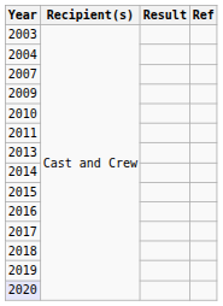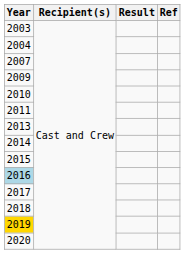 <table class="wikitable">
 <tr>
 <th scope="col">Year</th>
 <th scope="col">Recipient(s)</th>
 <th scope="col">Result</th>
 <th scope="col">Ref</th>
 </tr>
 <tr>
 <td>2003</td>
 <td rowspan=19>Cast and Crew</td>
 <td></td>
 <td style="text-align:center;"></td>
 </tr>
 <tr>
 <td>2004</td>
 <td></td>
 <td style="text-align:center;"></td>
 </tr>
 <tr>
 <td>2007</td>
 <td></td>
 <td style="text-align:center;"></td>
 </tr>
 <tr>
 <td>2009</td>
 <td></td>
 <td style="text-align:center;"></td>
 </tr>
 <tr>
 <td>2010</td>
 <td></td>
 <td style="text-align:center;"></td>
 </tr>
 <tr>
 <td>2011</td>
 <td></td>
 <td style="text-align:center;"></td>
 </tr>
 <tr>
 <td>2013</td>
 <td></td>
 <td style="text-align:center;"></td>
 </tr>
 <tr>
 <td>2014</td>
 <td></td>
 <td style="text-align:center;"></td>
 </tr>
 <tr>
 <td>2015</td>
 <td></td>
 <td style="text-align:center;"></td>
 </tr>
 <tr>
-<td>2016</td>
+<td style="background: lightblue;">2016</td>
 <td></td>
 <td></td>
 </tr>
 <tr>
 <td>2017</td>
 <td></td>
 <td></td>
 </tr>
 <tr>
 <td>2018</td>
 <td></td>
 <td></td>
 </tr>
 <tr>
-<td>2019</td>
+<td style="background: gold;">2019</td>
 <td></td>
 <td></td>
 </tr>
 <tr>
-<td style="background: lavender;">2020</td>
+<td>2020</td>
 <td></td>
 <td></td>
 </tr>
 </table>
